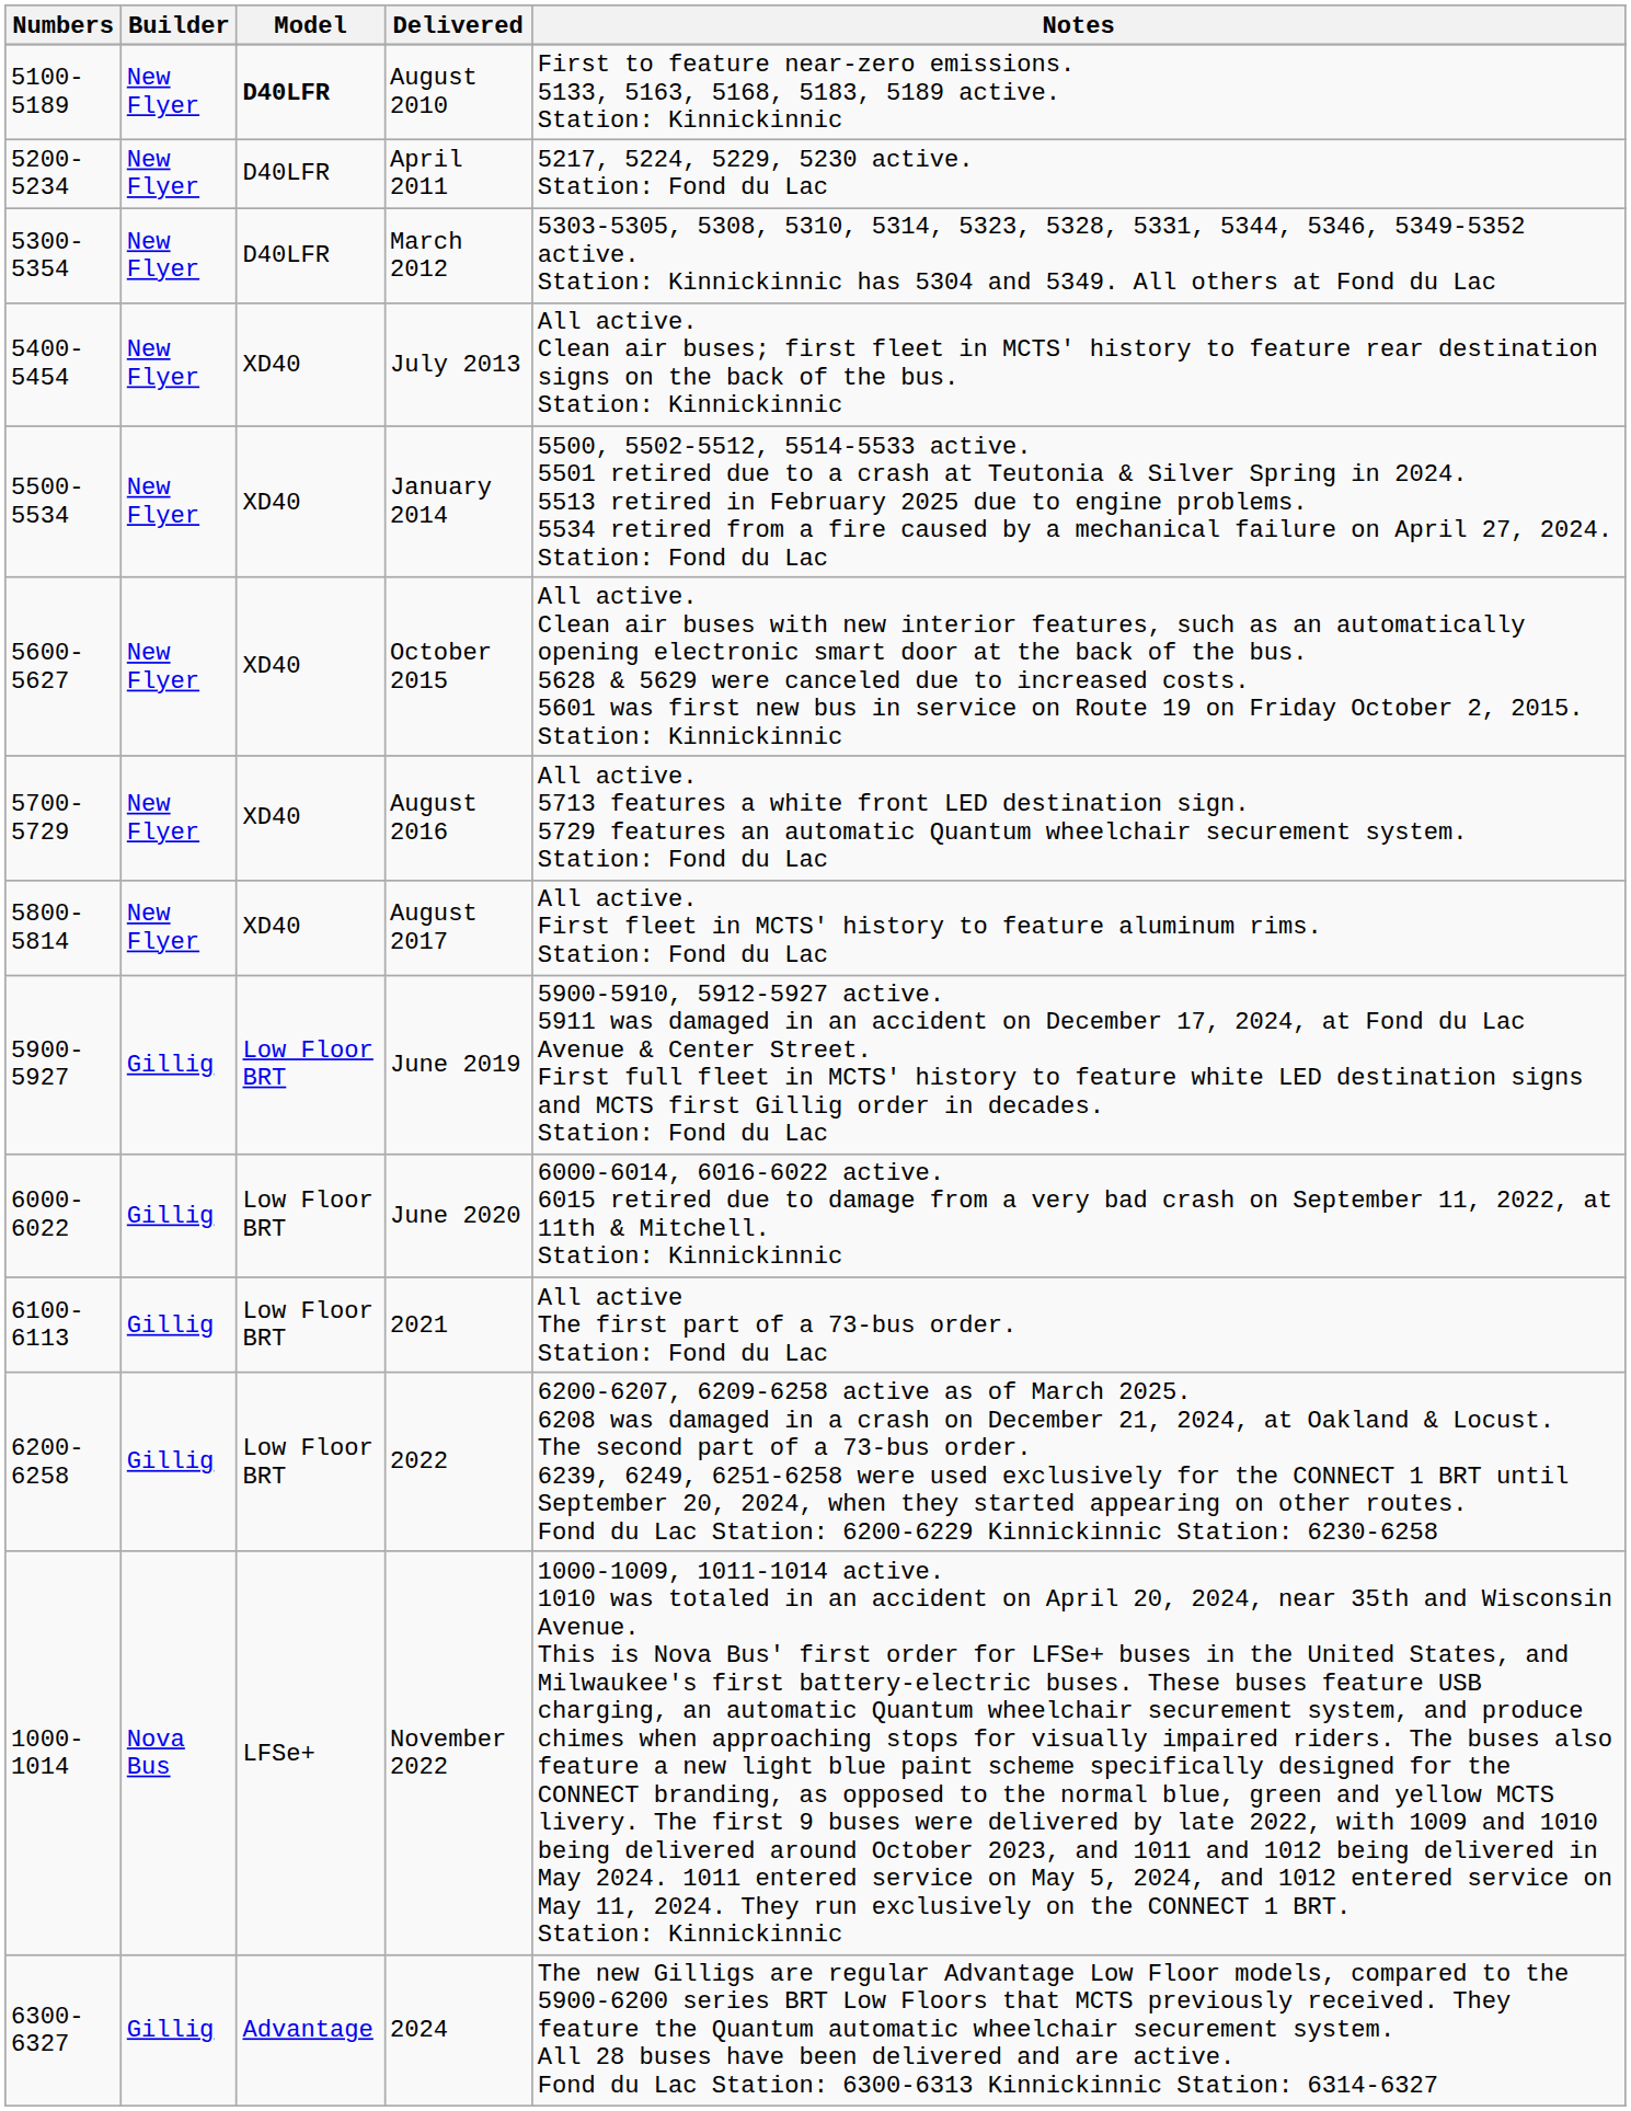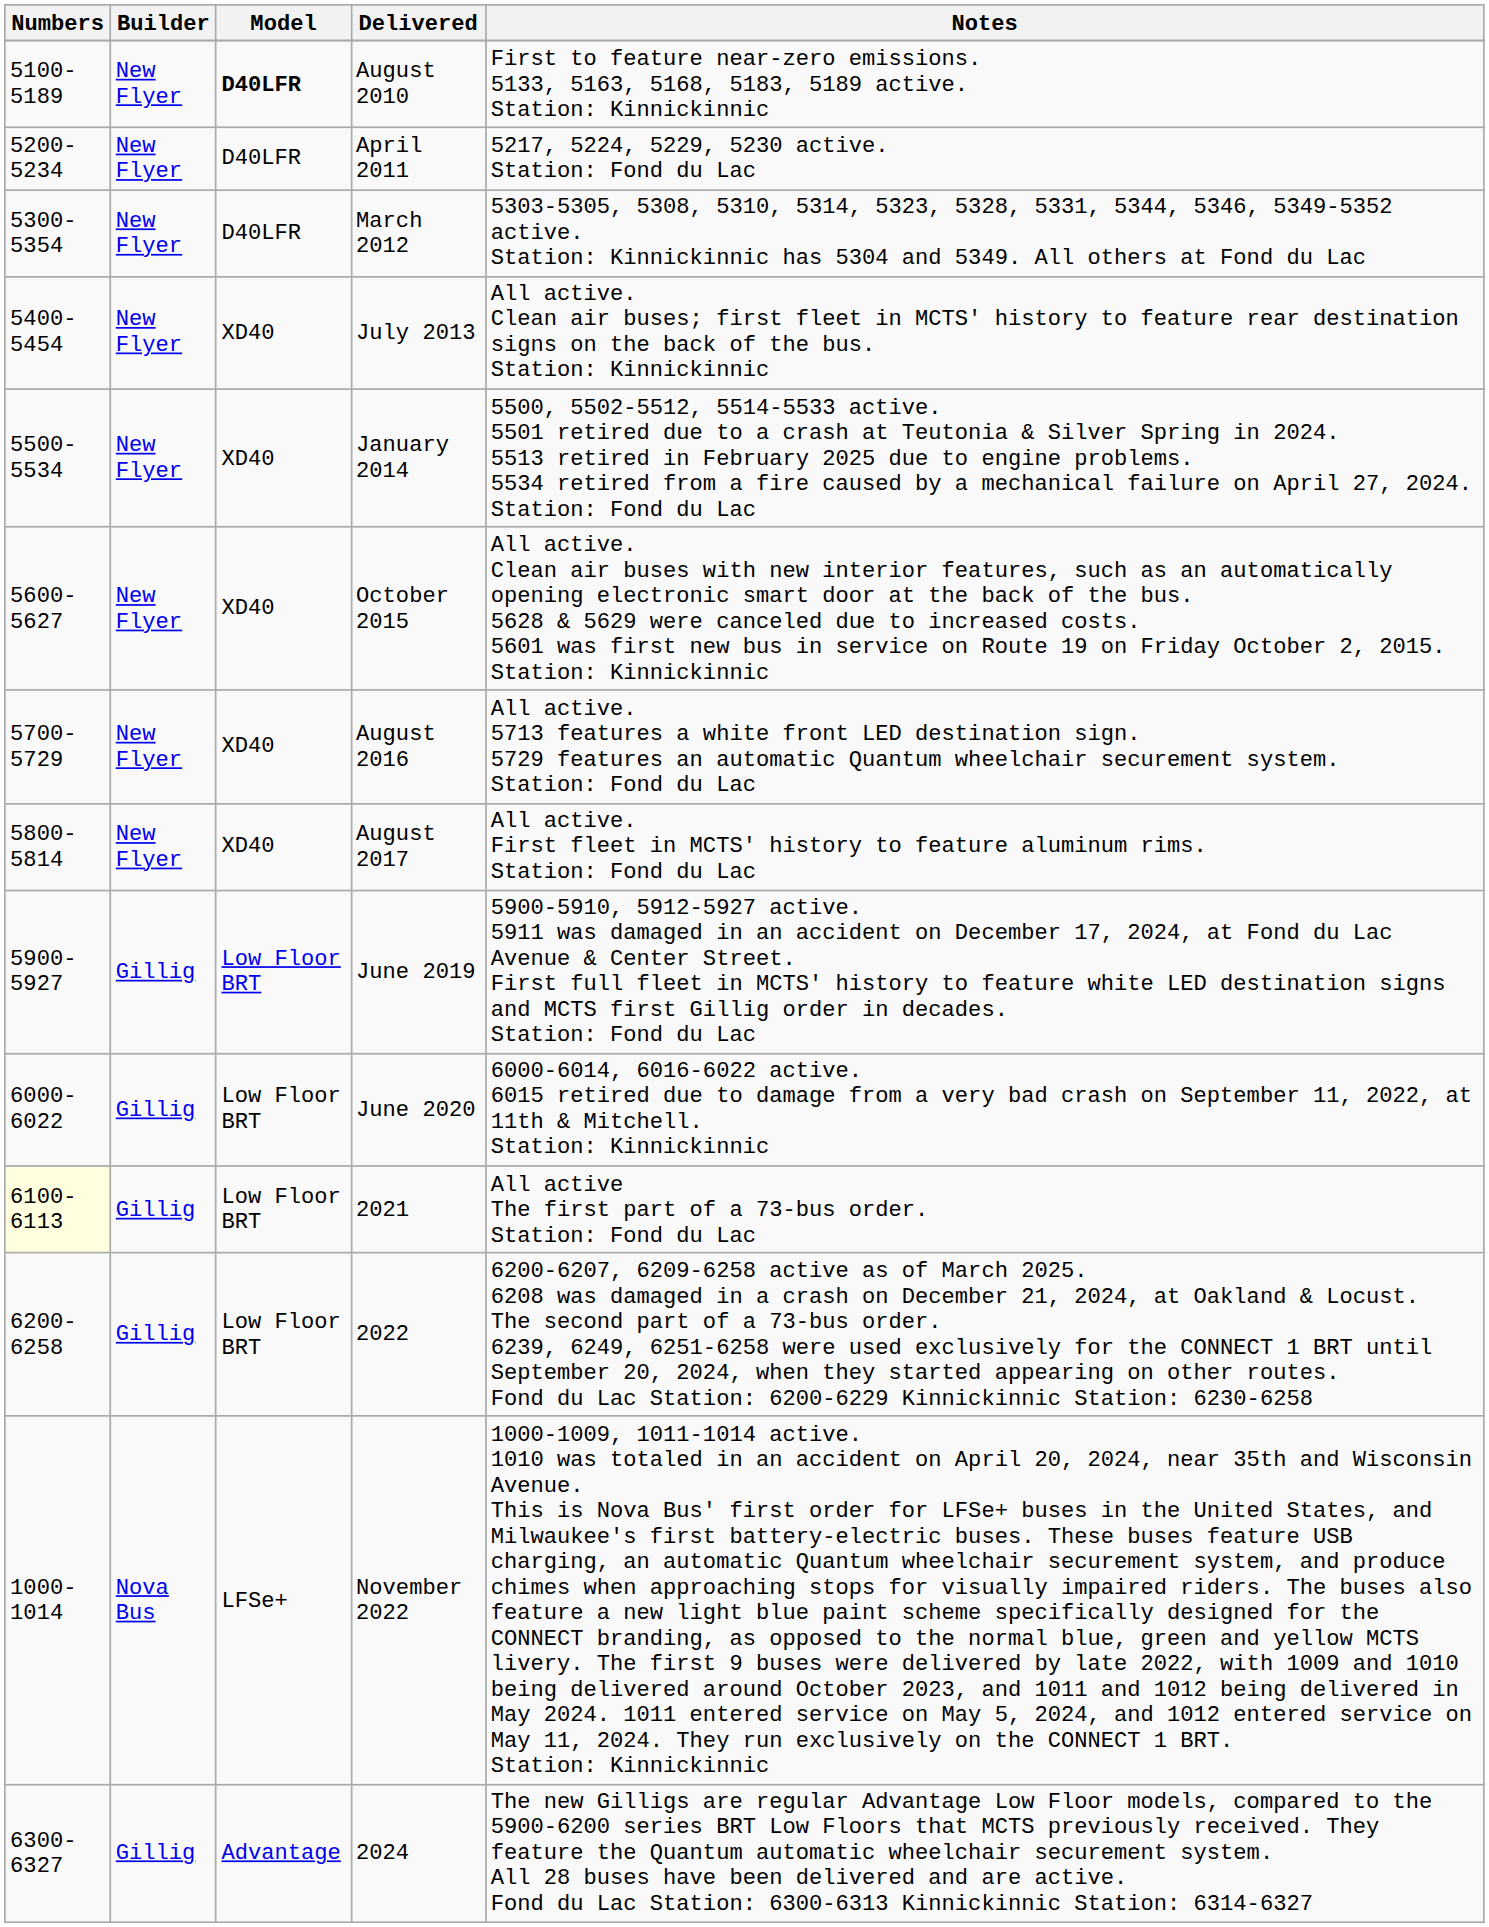 <table class=wikitable>
 <tr>
 <th>Numbers</th>
 <th>Builder</th>
 <th>Model</th>
 <th>Delivered</th>
 <th><div>Notes</div></th>
 </tr>
 <tr>
 </tr>
 <tr>
 <td>5100-5189</td>
 <td><a href='#'>New Flyer</a></td>
 <td><strong>D40LFR</strong></td>
 <td>August 2010</td>
 <td>First to feature near-zero emissions.<br>5133, 5163, 5168, 5183, 5189 active.<br>Station: Kinnickinnic</td>
 </tr>
 <tr>
 <td>5200-5234</td>
 <td><a href='#'>New Flyer</a></td>
 <td>D40LFR</td>
 <td>April 2011</td>
 <td>5217, 5224, 5229, 5230 active.<br>Station: Fond du Lac</td>
 </tr>
 <tr>
 <td>5300-5354</td>
 <td><a href='#'>New Flyer</a></td>
 <td>D40LFR</td>
 <td>March 2012</td>
 <td>5303-5305, 5308, 5310, 5314, 5323, 5328, 5331, 5344, 5346, 5349-5352 active.<br>Station: Kinnickinnic has 5304 and 5349. All others at Fond du Lac</td>
 </tr>
 <tr>
 <td>5400-5454</td>
 <td><a href='#'>New Flyer</a></td>
 <td>XD40</td>
 <td>July 2013</td>
 <td>All active.<br>Clean air buses; first fleet in MCTS' history to feature rear destination signs on the back of the bus.<br>Station: Kinnickinnic</td>
 </tr>
 <tr>
 <td>5500-5534</td>
 <td><a href='#'>New Flyer</a></td>
 <td>XD40</td>
 <td>January 2014</td>
 <td>5500, 5502-5512, 5514-5533 active.<br>5501 retired due to a crash at Teutonia & Silver Spring in 2024.<br>5513 retired in February 2025 due to engine problems.<br>5534 retired from a fire caused by a mechanical failure on April 27, 2024.<br>Station: Fond du Lac</td>
 </tr>
 <tr>
 <td>5600-5627</td>
 <td><a href='#'>New Flyer</a></td>
 <td>XD40</td>
 <td>October 2015</td>
 <td>All active.<br>Clean air buses with new interior features, such as an automatically opening electronic smart door at the back of the bus.<br>5628 & 5629 were canceled due to increased costs.<br>5601 was first new bus in service on Route 19 on Friday October 2, 2015.<br>Station: Kinnickinnic</td>
 </tr>
 <tr>
 <td>5700-5729</td>
 <td><a href='#'>New Flyer</a></td>
 <td>XD40</td>
 <td>August 2016</td>
 <td>All active.<br>5713 features a white front LED destination sign.<br>5729 features an automatic Quantum wheelchair securement system.<br>Station: Fond du Lac</td>
 </tr>
 <tr>
 <td>5800-5814</td>
 <td><a href='#'>New Flyer</a></td>
 <td>XD40</td>
 <td>August 2017</td>
 <td>All active.<br>First fleet in MCTS' history to feature aluminum rims.<br>Station: Fond du Lac</td>
 </tr>
 <tr>
 <td>5900-5927</td>
 <td><a href='#'>Gillig</a></td>
 <td><a href='#'>Low Floor BRT</a></td>
 <td>June 2019</td>
 <td>5900-5910, 5912-5927 active.<br>5911 was damaged in an accident on December 17, 2024, at Fond du Lac Avenue & Center Street.<br>First full fleet in MCTS' history to feature white LED destination signs and MCTS first Gillig order in decades.<br>Station: Fond du Lac</td>
 </tr>
 <tr>
 <td>6000-6022</td>
 <td><a href='#'>Gillig</a></td>
 <td>Low Floor BRT</td>
 <td>June 2020</td>
 <td>6000-6014, 6016-6022 active.<br>6015 retired due to damage from a very bad crash on September 11, 2022, at 11th & Mitchell.<br>Station: Kinnickinnic</td>
 </tr>
 <tr>
-<td>6100-6113</td>
+<td style="background: lightyellow;">6100-6113</td>
 <td><a href='#'>Gillig</a></td>
 <td>Low Floor BRT</td>
 <td>2021</td>
 <td>All active<br>The first part of a 73-bus order.<br>Station: Fond du Lac</td>
 </tr>
 <tr>
 <td>6200-6258</td>
 <td><a href='#'>Gillig</a></td>
 <td>Low Floor BRT</td>
 <td>2022</td>
 <td>6200-6207, 6209-6258 active as of March 2025.<br>6208 was damaged in a crash on December 21, 2024, at Oakland & Locust.<br>The second part of a 73-bus order.<br>6239, 6249, 6251-6258 were used exclusively for the CONNECT 1 BRT until September 20, 2024, when they started appearing on other routes.<br>Fond du Lac Station: 6200-6229 Kinnickinnic Station: 6230-6258</td>
 </tr>
 <tr>
 <td>1000-1014</td>
 <td><a href='#'>Nova Bus</a></td>
 <td>LFSe+</td>
 <td>November 2022</td>
 <td>1000-1009, 1011-1014 active.<br>1010 was totaled in an accident on April 20, 2024, near 35th and Wisconsin Avenue.<br>This is Nova Bus' first order for LFSe+ buses in the United States, and Milwaukee's first battery-electric buses. These buses feature USB charging, an automatic Quantum wheelchair securement system, and produce chimes when approaching stops for visually impaired riders. The buses also feature a new light blue paint scheme specifically designed for the CONNECT branding, as opposed to the normal blue, green and yellow MCTS livery. The first 9 buses were delivered by late 2022, with 1009 and 1010 being delivered around October 2023, and 1011 and 1012 being delivered in May 2024. 1011 entered service on May 5, 2024, and 1012 entered service on May 11, 2024. They run exclusively on the CONNECT 1 BRT.<br>Station: Kinnickinnic</td>
 </tr>
 <tr>
 <td>6300-6327</td>
 <td><a href='#'>Gillig</a></td>
 <td><a href='#'>Advantage</a></td>
 <td>2024</td>
 <td>The new Gilligs are regular Advantage Low Floor models, compared to the 5900-6200 series BRT Low Floors that MCTS previously received. They feature the Quantum automatic wheelchair securement system.<br>All 28 buses have been delivered and are active.<br>Fond du Lac Station: 6300-6313 Kinnickinnic Station: 6314-6327</td>
 </tr>
 <tr>
 </tr>
 </table>
